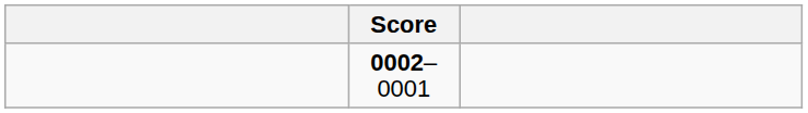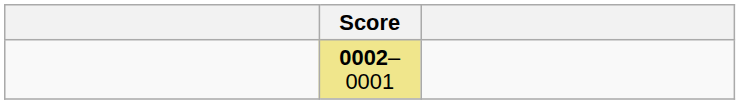 <table class="wikitable" style="text-align: center; font-size:90% ">
 <tr>
 <th align="right" width="200"></th>
 <th width="60">Score</th>
 <th align="left" width="200"></th>
 </tr>
 <tr>
 <td align="left"><strong></strong></td>
-<td><strong>0002</strong>–0001</td>
+<td style="background: khaki;"><strong>0002</strong>–0001</td>
 <td align="left"></td>
 </tr>
 </table>
